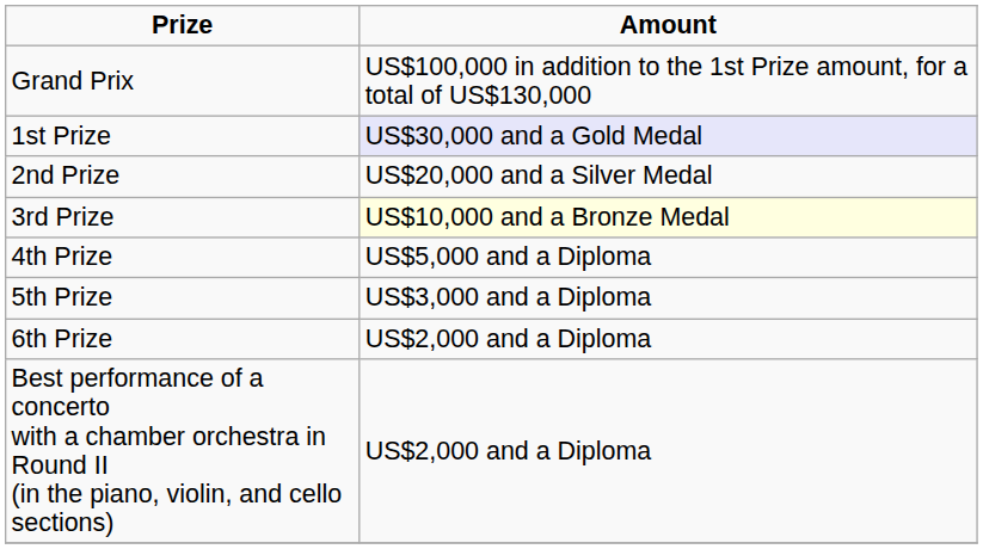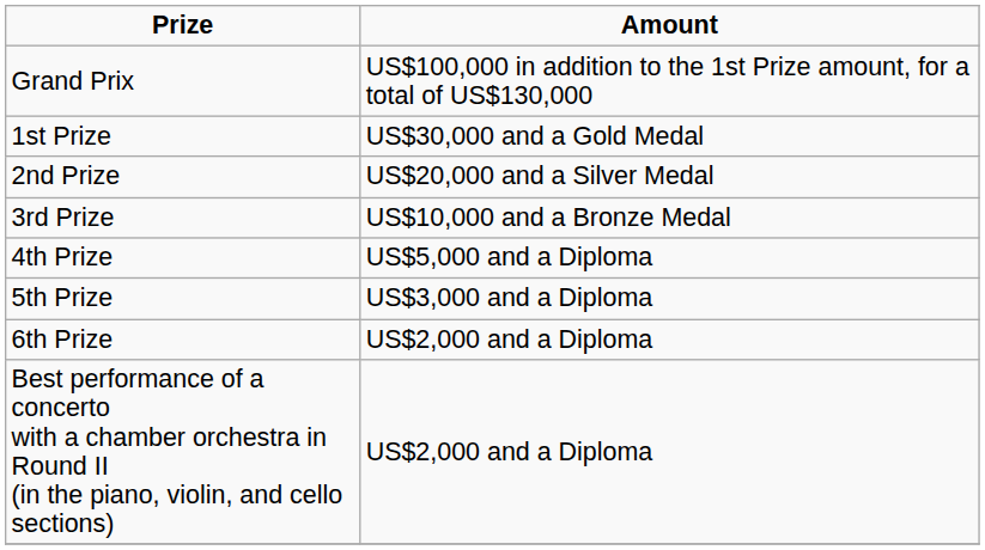 <table class="wikitable">
 <tr>
 <td style="text-align:center"><strong>Prize</strong></td>
 <td style="text-align:center"><strong>Amount</strong></td>
 </tr>
 <tr>
 <td>Grand Prix</td>
 <td>US$100,000 in addition to the 1st Prize amount, for a total of US$130,000</td>
 </tr>
 <tr>
 <td>1st Prize</td>
-<td style="background: lavender;">US$30,000 and a Gold Medal</td>
+<td>US$30,000 and a Gold Medal</td>
 </tr>
 <tr>
 <td>2nd Prize</td>
 <td>US$20,000 and a Silver Medal</td>
 </tr>
 <tr>
 <td>3rd Prize</td>
-<td style="background: lightyellow;">US$10,000 and a Bronze Medal</td>
+<td>US$10,000 and a Bronze Medal</td>
 </tr>
 <tr>
 <td>4th Prize</td>
 <td>US$5,000 and a Diploma</td>
 </tr>
 <tr>
 <td>5th Prize</td>
 <td>US$3,000 and a Diploma</td>
 </tr>
 <tr>
 <td>6th Prize</td>
 <td>US$2,000 and a Diploma</td>
 </tr>
 <tr>
 <td>Best performance of a concerto <br>with a chamber orchestra in Round II <br>(in the piano, violin, and cello sections)</td>
 <td>US$2,000 and a Diploma</td>
 </tr>
 <tr>
 </tr>
 </table>
